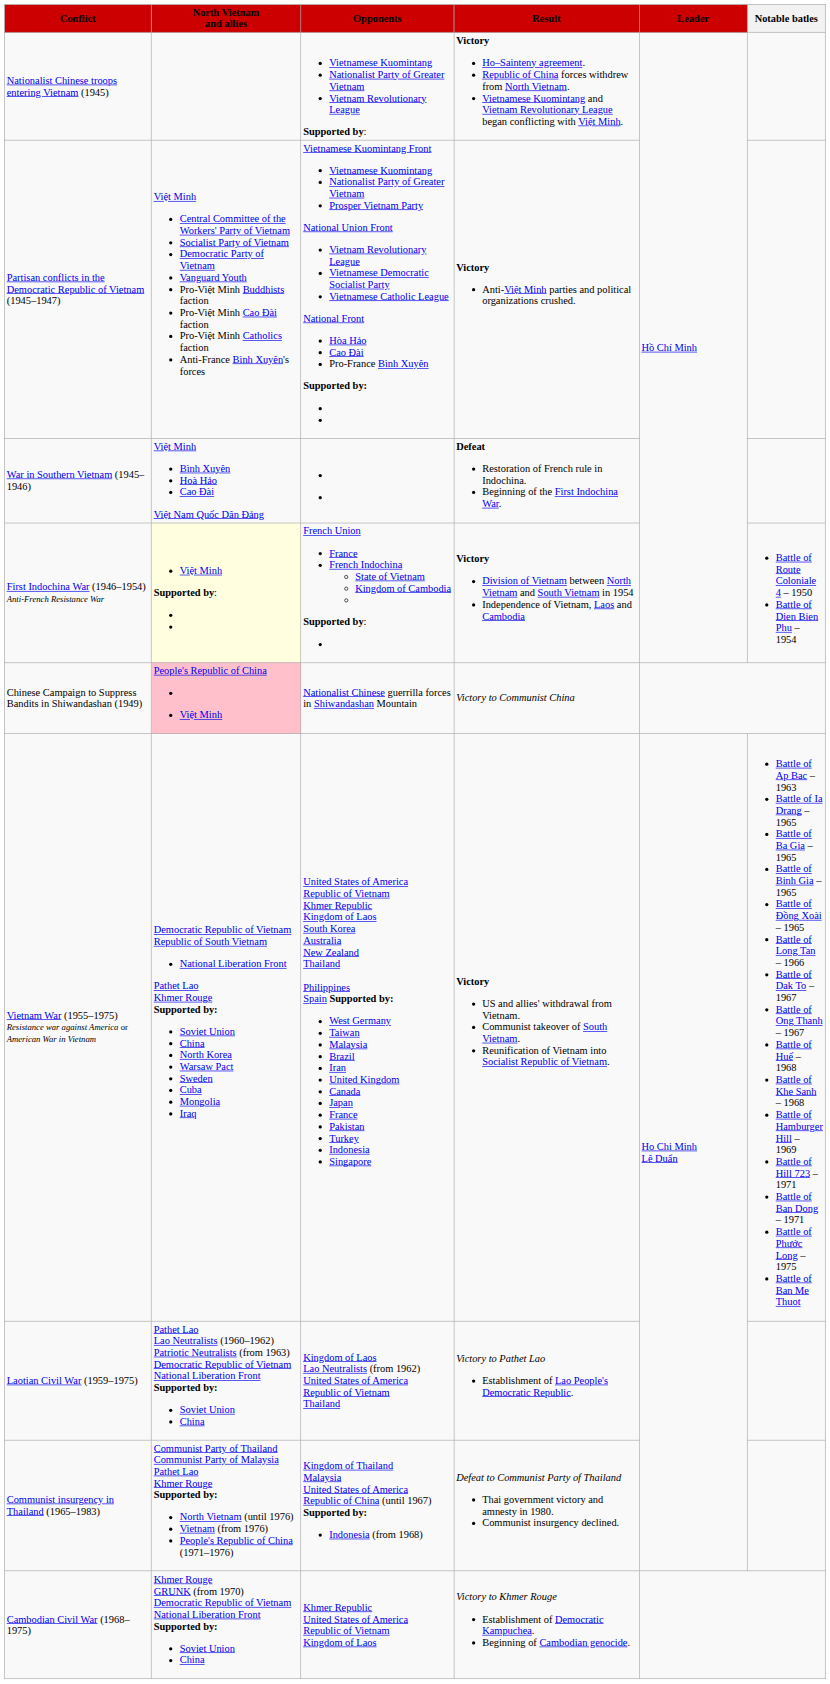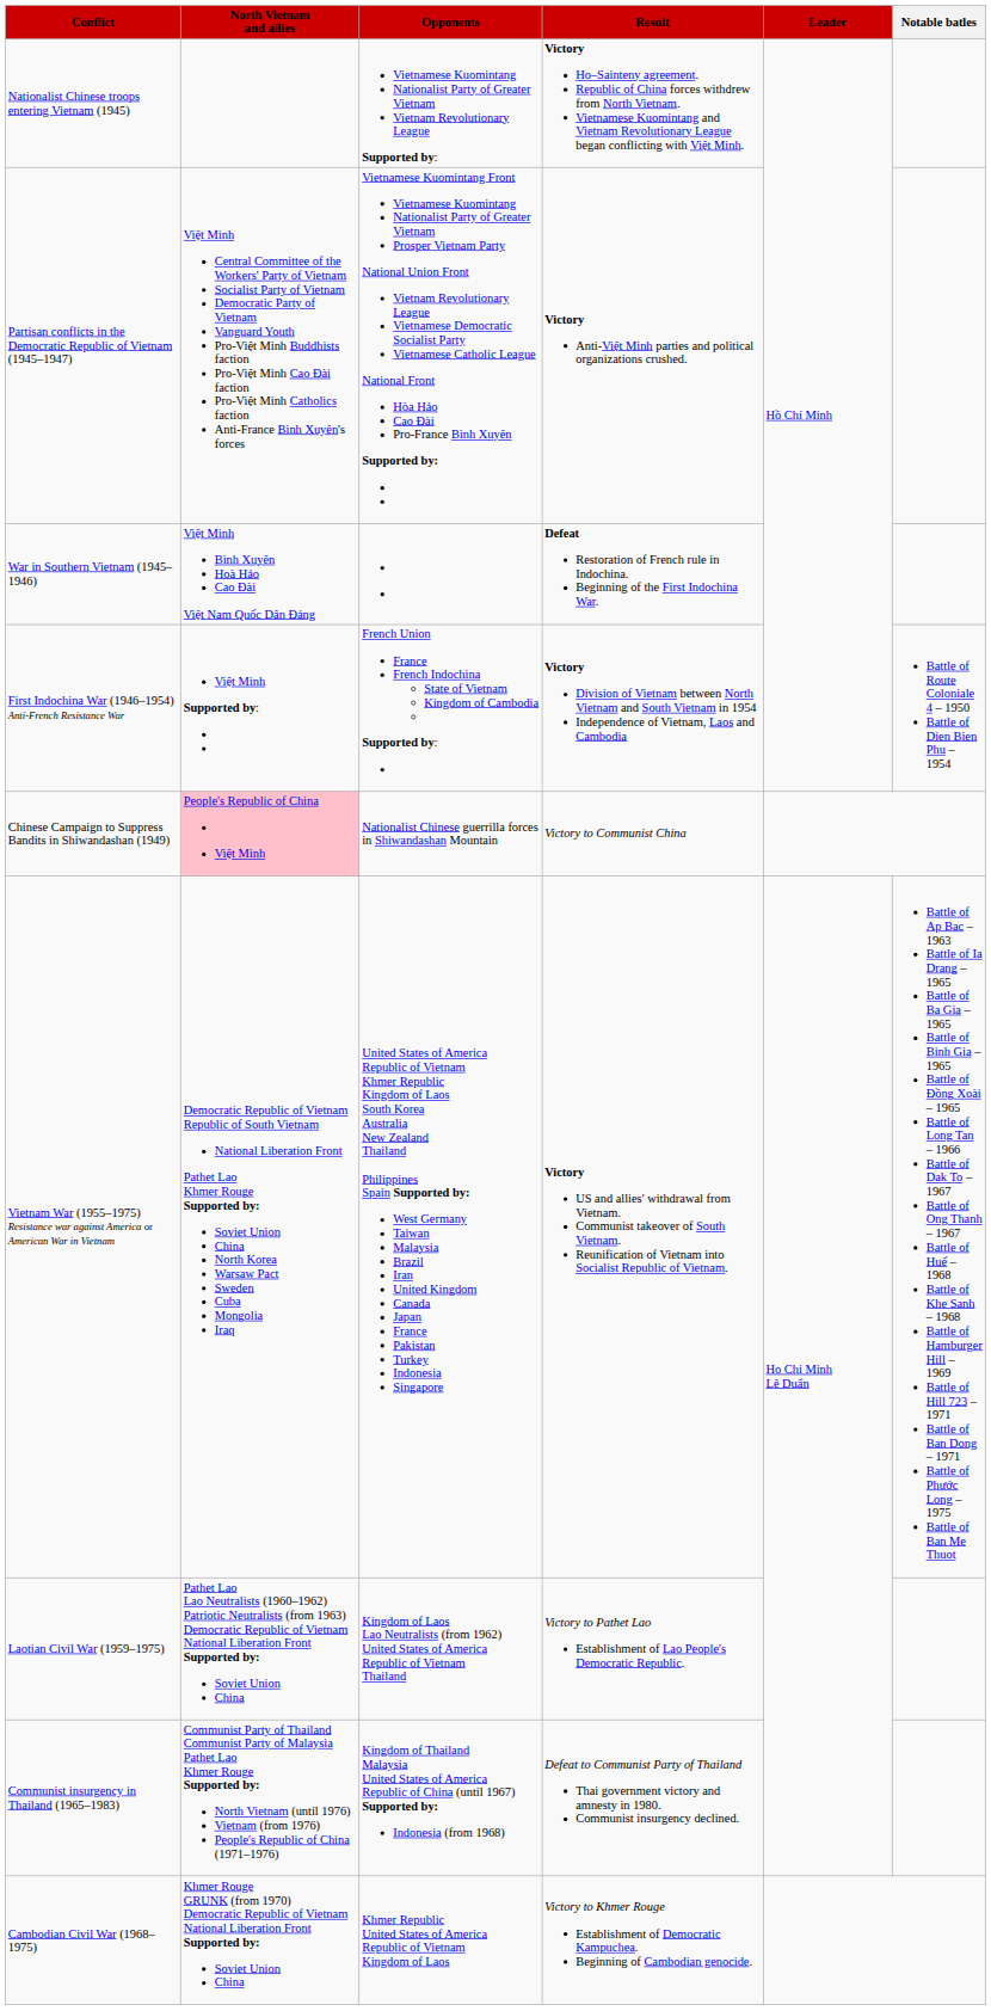 <table class="wikitable" width = "100%">
 <tr>
 <th style="background:#CC0000" width="20%"><span>Conflict</span></th>
 <th style="background:#CC0000" width="20%"><span>North Vietnam<br>and allies</span></th>
 <th style="background:#CC0000" width="20%"><span>Opponents</span></th>
 <th style="background:#CC0000" width="25%"><span>Result</span></th>
 <th style="background:#CC0000" width="15%"><span>Leader</span></th>
 <th>Notable batles</th>
 </tr>
 <tr>
 <td><a href='#'>Nationalist Chinese troops entering Vietnam</a> (1945)</td>
 <td></td>
 <td><br><ul><li> <a href='#'>Vietnamese Kuomintang</a></li><li> <a href='#'>Nationalist Party of Greater Vietnam</a></li><li> <a href='#'>Vietnam Revolutionary League</a></li></ul><strong>Supported by</strong>:<br></td>
 <td><strong>Victory</strong><br><ul><li><a href='#'>Ho–Sainteny agreement</a>.</li><li><a href='#'>Republic of China</a> forces withdrew from <a href='#'>North Vietnam</a>.</li><li><a href='#'>Vietnamese Kuomintang</a> and <a href='#'>Vietnam Revolutionary League</a> began conflicting with <a href='#'>Việt Minh</a>.</li></ul></td>
 <td rowspan="4"><a href='#'>Hồ Chí Minh</a></td>
 <td></td>
 </tr>
 <tr>
 <td><a href='#'>Partisan conflicts in the Democratic Republic of Vietnam</a> (1945–1947)</td>
 <td> <a href='#'>Việt Minh</a><br><ul><li> <a href='#'>Central Committee of the Workers' Party of Vietnam</a></li><li><a href='#'>Socialist Party of Vietnam</a></li><li><a href='#'>Democratic Party of Vietnam</a></li><li> <a href='#'>Vanguard Youth</a></li><li> Pro-Việt Minh <a href='#'>Buddhists</a> faction</li><li> Pro-Việt Minh <a href='#'>Cao Đài</a> faction</li><li> Pro-Việt Minh <a href='#'>Catholics</a> faction</li><li> Anti-France <a href='#'>Bình Xuyên</a>'s forces</li></ul></td>
 <td> <a href='#'>Vietnamese Kuomintang Front</a><br><ul><li> <a href='#'>Vietnamese Kuomintang</a></li><li> <a href='#'>Nationalist Party of Greater Vietnam</a></li><li> <a href='#'>Prosper Vietnam Party</a></li></ul> <a href='#'>National Union Front</a><ul><li> <a href='#'>Vietnam Revolutionary League</a></li><li> <a href='#'>Vietnamese Democratic Socialist Party</a></li><li> <a href='#'>Vietnamese Catholic League</a></li></ul> <a href='#'>National Front</a><ul><li> <a href='#'>Hòa Hảo</a></li><li> <a href='#'>Cao Đài</a></li><li> Pro-France <a href='#'>Bình Xuyên</a></li></ul><strong>Supported by:</strong><ul><li></li><li></li></ul></td>
 <td><strong>Victory</strong><br><ul><li>Anti-<a href='#'>Việt Minh</a> parties and political organizations crushed.</li></ul></td>
 <td></td>
 </tr>
 <tr>
 <td><a href='#'>War in Southern Vietnam</a> (1945–1946)</td>
 <td> <a href='#'>Việt Minh</a><br><ul><li> <a href='#'>Bình Xuyên</a></li><li> <a href='#'>Hoà Hảo</a></li><li> <a href='#'>Cao Đài</a></li></ul> <a href='#'>Việt Nam Quốc Dân Đảng</a></td>
 <td><br><ul><li></li></ul><ul><li></li></ul></td>
 <td><strong>Defeat</strong><br><ul><li>Restoration of French rule in Indochina.</li><li>Beginning of the <a href='#'>First Indochina War</a>.</li></ul></td>
 <td></td>
 </tr>
 <tr>
 <td><a href='#'>First Indochina War</a> (1946–1954) <br> <small><em>Anti-French Resistance War</em></small></td>
-<td style="background: lightyellow;"><br><ul><li> <a href='#'>Việt Minh</a></li></ul><strong>Supported by</strong>:<br><ul><li></li><li></li></ul></td>
+<td><br><ul><li> <a href='#'>Việt Minh</a></li></ul><strong>Supported by</strong>:<br><ul><li></li><li></li></ul></td>
 <td> <a href='#'>French Union</a><br><ul><li> <a href='#'>France</a></li><li> <a href='#'>French Indochina</a><ul><li> <a href='#'>State of Vietnam</a></li><li> <a href='#'>Kingdom of Cambodia</a></li><li></li></ul></li></ul><strong>Supported by</strong>:<ul><li></li></ul></td>
 <td><strong>Victory</strong><br><ul><li><a href='#'>Division of Vietnam</a> between <a href='#'>North Vietnam</a> and <a href='#'>South Vietnam</a> in 1954</li><li>Independence of Vietnam, <a href='#'>Laos</a> and <a href='#'>Cambodia</a></li></ul></td>
 <td><br><ul><li><a href='#'>Battle of Route Coloniale 4</a> – 1950</li><li><a href='#'>Battle of Dien Bien Phu</a> – 1954</li></ul></td>
 </tr>
 <tr>
 <td>Chinese Campaign to Suppress Bandits in Shiwandashan (1949)</td>
 <td style="background: pink;"> <a href='#'>People's Republic of China</a><br><ul><li></li></ul><ul><li> <a href='#'>Việt Minh</a></li></ul></td>
 <td> <a href='#'>Nationalist Chinese</a> guerrilla forces in <a href='#'>Shiwandashan</a> Mountain</td>
 <td><em>Victory to Communist China</em></td>
 </tr>
 <tr>
 <td><a href='#'>Vietnam War</a> (1955–1975) <br> <small><em>Resistance war against America</em> or <em>American War in Vietnam</em></small></td>
 <td> <a href='#'>Democratic Republic of Vietnam</a> <br>  <a href='#'>Republic of South Vietnam</a><br><ul><li> <a href='#'>National Liberation Front</a></li></ul> <a href='#'>Pathet Lao</a> <br>  <a href='#'>Khmer Rouge</a> <br> <strong>Supported by:</strong><ul><li> <a href='#'>Soviet Union</a></li><li> <a href='#'>China</a></li><li> <a href='#'>North Korea</a></li><li><a href='#'>Warsaw Pact</a></li><li> <a href='#'>Sweden</a></li><li> <a href='#'>Cuba</a></li><li> <a href='#'>Mongolia</a></li><li> <a href='#'>Iraq</a></li></ul></td>
 <td> <a href='#'>United States of America</a> <br>  <a href='#'>Republic of Vietnam</a> <br>  <a href='#'>Khmer Republic</a> <br>  <a href='#'>Kingdom of Laos</a> <br>  <a href='#'>South Korea</a> <br>  <a href='#'>Australia</a> <br>  <a href='#'>New Zealand</a> <br>  <a href='#'>Thailand</a> <br> <br><a href='#'>Philippines</a> <br>  <a href='#'>Spain</a> <strong>Supported by:</strong><ul><li> <a href='#'>West Germany</a></li><li> <a href='#'>Taiwan</a></li><li> <a href='#'>Malaysia</a></li><li> <a href='#'>Brazil</a></li><li> <a href='#'>Iran</a></li><li> <a href='#'>United Kingdom</a></li><li> <a href='#'>Canada</a></li><li> <a href='#'>Japan</a></li><li> <a href='#'>France</a></li><li> <a href='#'>Pakistan</a></li><li> <a href='#'>Turkey</a></li><li> <a href='#'>Indonesia</a></li><li> <a href='#'>Singapore</a></li></ul></td>
 <td><strong>Victory</strong><br><ul><li>US and allies' withdrawal from Vietnam.</li><li>Communist takeover of <a href='#'>South Vietnam</a>.</li><li>Reunification of Vietnam into <a href='#'>Socialist Republic of Vietnam</a>.</li></ul></td>
 <td rowspan="3"><a href='#'>Ho Chi Minh</a> <br> <a href='#'>Lê Duẩn</a></td>
 <td><br><ul><li><a href='#'>Battle of Ap Bac</a> – 1963</li><li><a href='#'>Battle of Ia Drang</a> – 1965</li><li><a href='#'>Battle of Ba Gia</a> – 1965</li><li><a href='#'>Battle of Binh Gia</a> – 1965</li><li><a href='#'>Battle of Đồng Xoài</a> – 1965</li><li><a href='#'>Battle of Long Tan</a> – 1966</li><li><a href='#'>Battle of Dak To</a> – 1967</li><li><a href='#'>Battle of Ong Thanh</a> – 1967</li><li><a href='#'>Battle of Huế</a> – 1968</li><li><a href='#'>Battle of Khe Sanh</a> – 1968</li><li><a href='#'>Battle of Hamburger Hill</a> – 1969</li><li><a href='#'>Battle of Hill 723</a> – 1971</li><li><a href='#'>Battle of Ban Dong</a> – 1971</li><li><a href='#'>Battle of Phước Long</a> – 1975</li><li><a href='#'>Battle of Ban Me Thuot</a></li></ul></td>
 </tr>
 <tr>
 <td><a href='#'>Laotian Civil War</a> (1959–1975)</td>
 <td> <a href='#'>Pathet Lao</a> <br> <a href='#'>Lao Neutralists</a> (1960–1962) <br> <a href='#'>Patriotic Neutralists</a> (from 1963) <br>  <a href='#'>Democratic Republic of Vietnam</a> <br>  <a href='#'>National Liberation Front</a> <br> <strong>Supported by:</strong><br><ul><li> <a href='#'>Soviet Union</a></li><li> <a href='#'>China</a></li></ul></td>
 <td> <a href='#'>Kingdom of Laos</a> <br> <a href='#'>Lao Neutralists</a> (from 1962) <br>  <a href='#'>United States of America</a> <br>  <a href='#'>Republic of Vietnam</a> <br>  <a href='#'>Thailand</a></td>
 <td><em>Victory to Pathet Lao</em><br><ul><li>Establishment of <a href='#'>Lao People's Democratic Republic</a>.</li></ul></td>
 <td></td>
 </tr>
 <tr>
 <td><a href='#'>Communist insurgency in Thailand</a> (1965–1983)</td>
 <td> <a href='#'>Communist Party of Thailand</a> <br>  <a href='#'>Communist Party of Malaysia</a> <br>  <a href='#'>Pathet Lao</a> <br>  <a href='#'>Khmer Rouge</a> <br> <strong>Supported by:</strong><br><ul><li> <a href='#'>North Vietnam</a> (until 1976)</li><li> <a href='#'>Vietnam</a> (from 1976)</li><li> <a href='#'>People's Republic of China</a> (1971–1976)</li></ul></td>
 <td> <a href='#'>Kingdom of Thailand</a> <br>  <a href='#'>Malaysia</a> <br>  <a href='#'>United States of America</a> <br>  <a href='#'>Republic of China</a> (until 1967) <br> <strong>Supported by:</strong><br><ul><li> <a href='#'>Indonesia</a> (from 1968)</li></ul></td>
 <td><em>Defeat to Communist Party of Thailand</em><br><ul><li>Thai government victory and amnesty in 1980.</li><li>Communist insurgency declined.</li></ul></td>
 <td></td>
 </tr>
 <tr>
 <td><a href='#'>Cambodian Civil War</a> (1968–1975)</td>
 <td> <a href='#'>Khmer Rouge</a> <br>  <a href='#'>GRUNK</a> (from 1970) <br>  <a href='#'>Democratic Republic of Vietnam</a> <br>  <a href='#'>National Liberation Front</a> <br> <strong>Supported by:</strong><br><ul><li> <a href='#'>Soviet Union</a></li><li> <a href='#'>China</a></li></ul></td>
 <td> <a href='#'>Khmer Republic</a> <br>  <a href='#'>United States of America</a> <br>  <a href='#'>Republic of Vietnam</a> <br>  <a href='#'>Kingdom of Laos</a></td>
 <td><em>Victory to Khmer Rouge</em><br><ul><li>Establishment of <a href='#'>Democratic Kampuchea</a>.</li><li>Beginning of <a href='#'>Cambodian genocide</a>.</li></ul></td>
 </tr>
 </table>
